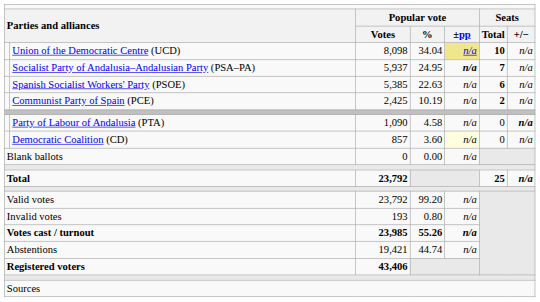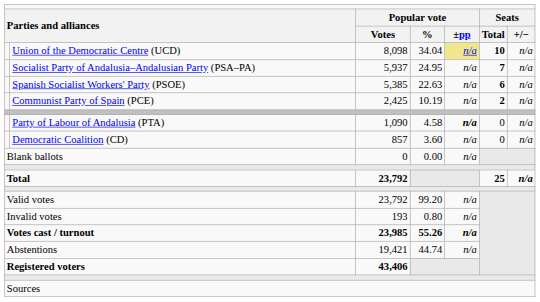 <table class="wikitable" style="text-align:right;">
 <tr>
 <td colspan="7"></td>
 </tr>
 <tr>
 <th style="text-align:left;" rowspan="2" colspan="2" width="525">Parties and alliances</th>
 <th colspan="3">Popular vote</th>
 <th colspan="2">Seats</th>
 </tr>
 <tr>
 <th width="75">Votes</th>
 <th width="45">%</th>
 <th width="45">±<a href='#'>pp</a></th>
 <th width="35">Total</th>
 <th width="35">+/−</th>
 </tr>
 <tr>
 <td width="1" style="color:inherit;background:"></td>
 <td align="left"><a href='#'>Union of the Democratic Centre</a> (UCD)</td>
 <td>8,098</td>
 <td>34.04</td>
 <td style="background: khaki;"><em><a href='#'>n/a</a></em></td>
 <td><strong>10</strong></td>
 <td><em>n/a</em></td>
 </tr>
 <tr>
 <td style="color:inherit;background:"></td>
 <td align="left"><a href='#'>Socialist Party of Andalusia–Andalusian Party</a> (PSA–PA)</td>
 <td>5,937</td>
 <td>24.95</td>
-<td><strong><em>n/a</em></strong></td>
+<td><em>n/a</em></td>
 <td><strong>7</strong></td>
 <td><em>n/a</em></td>
 </tr>
 <tr>
 <td style="color:inherit;background:"></td>
 <td align="left"><a href='#'>Spanish Socialist Workers' Party</a> (PSOE)</td>
 <td>5,385</td>
 <td>22.63</td>
 <td><em>n/a</em></td>
 <td><strong>6</strong></td>
 <td><em>n/a</em></td>
 </tr>
 <tr>
 <td style="color:inherit;background:"></td>
 <td align="left"><a href='#'>Communist Party of Spain</a> (PCE)</td>
 <td>2,425</td>
 <td>10.19</td>
 <td><em>n/a</em></td>
 <td><strong>2</strong></td>
 <td><em>n/a</em></td>
 </tr>
 <tr>
 <td colspan="7" bgcolor="#C0C0C0"></td>
 </tr>
 <tr>
 <td style="color:inherit;background:"></td>
 <td align="left"><a href='#'>Party of Labour of Andalusia</a> (PTA)</td>
 <td>1,090</td>
 <td>4.58</td>
+<td><strong><em>n/a</em></strong></td>
+<td>0</td>
 <td><em>n/a</em></td>
-<td>0</td>
-<td><strong><em>n/a</em></strong></td>
 </tr>
 <tr>
 <td style="color:inherit;background:"></td>
 <td align="left"><a href='#'>Democratic Coalition</a> (CD)</td>
 <td>857</td>
 <td>3.60</td>
-<td style="background: lightyellow;"><em>n/a</em></td>
+<td><em>n/a</em></td>
 <td>0</td>
 <td><em>n/a</em></td>
 </tr>
 <tr>
 <td align="left" colspan="2">Blank ballots</td>
 <td>0</td>
 <td>0.00</td>
 <td><em>n/a</em></td>
 <td bgcolor="#E9E9E9" colspan="2"></td>
 </tr>
 <tr>
 <td colspan="7" bgcolor="#E9E9E9"></td>
 </tr>
 <tr style="font-weight:bold;">
 <td align="left" colspan="2">Total</td>
 <td>23,792</td>
 <td bgcolor="#E9E9E9" colspan="2"></td>
 <td>25</td>
 <td><em>n/a</em></td>
 </tr>
 <tr>
 <td colspan="7" bgcolor="#E9E9E9"></td>
 </tr>
 <tr>
 <td align="left" colspan="2">Valid votes</td>
 <td>23,792</td>
 <td>99.20</td>
 <td><em>n/a</em></td>
 <td bgcolor="#E9E9E9" colspan="2" rowspan="5"></td>
 </tr>
 <tr>
 <td align="left" colspan="2">Invalid votes</td>
 <td>193</td>
 <td>0.80</td>
 <td><em>n/a</em></td>
 </tr>
 <tr style="font-weight:bold;">
 <td align="left" colspan="2">Votes cast / turnout</td>
 <td>23,985</td>
 <td>55.26</td>
 <td><em>n/a</em></td>
 </tr>
 <tr>
 <td align="left" colspan="2">Abstentions</td>
 <td>19,421</td>
 <td>44.74</td>
 <td><em>n/a</em></td>
 </tr>
 <tr style="font-weight:bold;">
 <td align="left" colspan="2">Registered voters</td>
 <td>43,406</td>
 <td bgcolor="#E9E9E9" colspan="2"></td>
 </tr>
 <tr>
 <td colspan="7" bgcolor="#E9E9E9"></td>
 </tr>
 <tr>
 <td align="left" colspan="7">Sources</td>
 </tr>
 </table>
